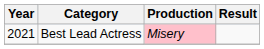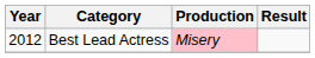 <table class="wikitable">
 <tr style="background:#b0c4de;">
 <th>Year</th>
 <th>Category</th>
 <th>Production</th>
 <th>Result</th>
 </tr>
 <tr>
-<td>2021</td>
+<td>2012</td>
 <td>Best Lead Actress</td>
 <td style="background: pink;"><em>Misery</em></td>
 <td></td>
 </tr>
 <tr>
 </tr>
 </table>
